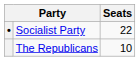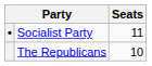 <table class="wikitable" style="font-size: 95%;">
 <tr>
 <th colspan=2>Party</th>
 <th>Seats</th>
 </tr>
 <tr>
 <th style="background-color: "><span>•</span></th>
 <td><a href='#'>Socialist Party</a></td>
-<td align="right">22</td>
+<td align="right">11</td>
 </tr>
 <tr>
 <th style="background-color: "></th>
 <td><a href='#'>The Republicans</a></td>
 <td align="right">10</td>
 </tr>
 </table>
